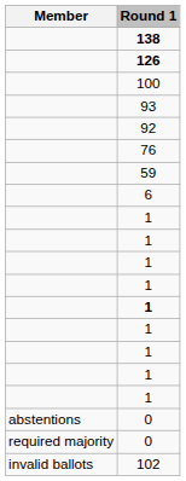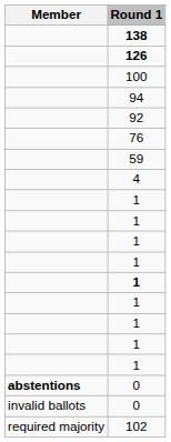 <table class="wikitable collapsible">
 <tr>
 <th>Member</th>
 <td style="background:silver;"><strong>Round 1</strong></td>
 </tr>
 <tr>
 <td></td>
 <td style="text-align:center;"><strong>138</strong></td>
 </tr>
 <tr>
 <td></td>
 <td style="text-align:center;"><strong>126</strong></td>
 </tr>
 <tr>
 <td></td>
 <td style="text-align:center;">100</td>
 </tr>
 <tr>
 <td></td>
-<td style="text-align:center;">93</td>
+<td style="text-align:center;">94</td>
 </tr>
 <tr>
 <td></td>
 <td style="text-align:center;">92</td>
 </tr>
 <tr>
 <td></td>
 <td style="text-align:center;">76</td>
 </tr>
 <tr>
 <td></td>
 <td style="text-align:center;">59</td>
 </tr>
 <tr>
 <td></td>
-<td style="text-align:center;">6</td>
+<td style="text-align:center;">4</td>
 </tr>
 <tr>
 <td></td>
 <td style="text-align:center;">1</td>
 </tr>
 <tr>
 <td></td>
 <td style="text-align:center;">1</td>
 </tr>
 <tr>
 <td></td>
 <td style="text-align:center;">1</td>
 </tr>
 <tr>
 <td></td>
 <td style="text-align:center;">1</td>
 </tr>
 <tr>
 <td></td>
 <td style="text-align:center;"><strong>1</strong></td>
 </tr>
 <tr>
 <td></td>
 <td style="text-align:center;">1</td>
 </tr>
 <tr>
 <td></td>
 <td style="text-align:center;">1</td>
 </tr>
 <tr>
 <td></td>
 <td style="text-align:center;">1</td>
 </tr>
 <tr>
 <td></td>
 <td style="text-align:center;">1</td>
 </tr>
 <tr>
-<td>abstentions</td>
+<td><strong>abstentions</strong></td>
+<td style="text-align:center;">0</td>
+</tr>
+<tr>
+<td>invalid ballots</td>
 <td style="text-align:center;">0</td>
 </tr>
 <tr>
 <td>required majority</td>
-<td style="text-align:center;">0</td>
-</tr>
-<tr>
-<td>invalid ballots</td>
 <td style="text-align:center;">102</td>
 </tr>
 </table>
